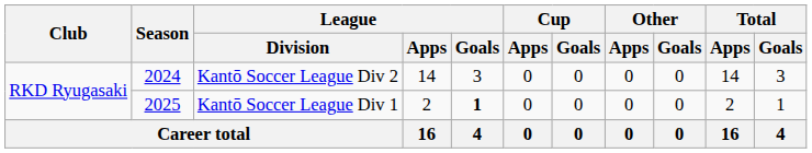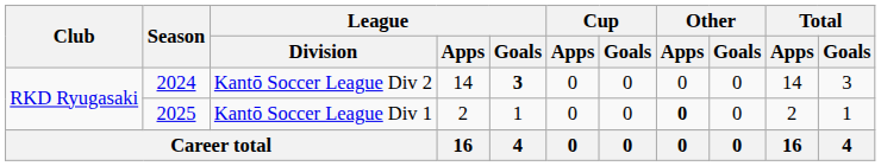 <table class=wikitable style=text-align:center>
 <tr>
 <th rowspan="2">Club</th>
 <th rowspan="2">Season</th>
 <th colspan="3">League</th>
 <th colspan="2">Cup</th>
 <th colspan="2">Other</th>
 <th colspan="2">Total</th>
 </tr>
 <tr>
 <th>Division</th>
 <th>Apps</th>
 <th>Goals</th>
 <th>Apps</th>
 <th>Goals</th>
 <th>Apps</th>
 <th>Goals</th>
 <th>Apps</th>
 <th>Goals</th>
 </tr>
 <tr>
 <td rowspan="2"><a href='#'>RKD Ryugasaki</a></td>
 <td><a href='#'>2024</a></td>
 <td><a href='#'>Kantō Soccer League</a> Div 2</td>
 <td>14</td>
-<td>3</td>
+<td><strong>3</strong></td>
 <td>0</td>
 <td>0</td>
 <td>0</td>
 <td>0</td>
 <td>14</td>
 <td>3</td>
 </tr>
 <tr>
 <td><a href='#'>2025</a></td>
 <td><a href='#'>Kantō Soccer League</a> Div 1</td>
 <td>2</td>
-<td><strong>1</strong></td>
+<td>1</td>
 <td>0</td>
 <td>0</td>
-<td>0</td>
+<td><strong>0</strong></td>
 <td>0</td>
 <td>2</td>
 <td>1</td>
 </tr>
 <tr>
 <th colspan="3">Career total</th>
 <th>16</th>
 <th>4</th>
 <th>0</th>
 <th>0</th>
 <th>0</th>
 <th>0</th>
 <th>16</th>
 <th>4</th>
 </tr>
 </table>
